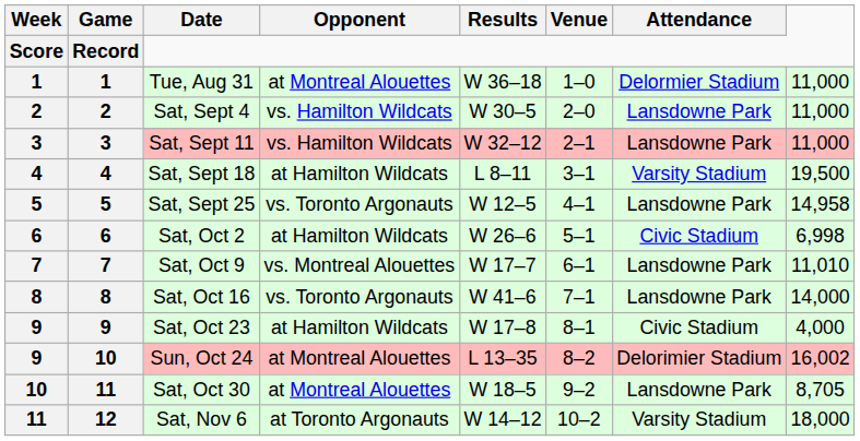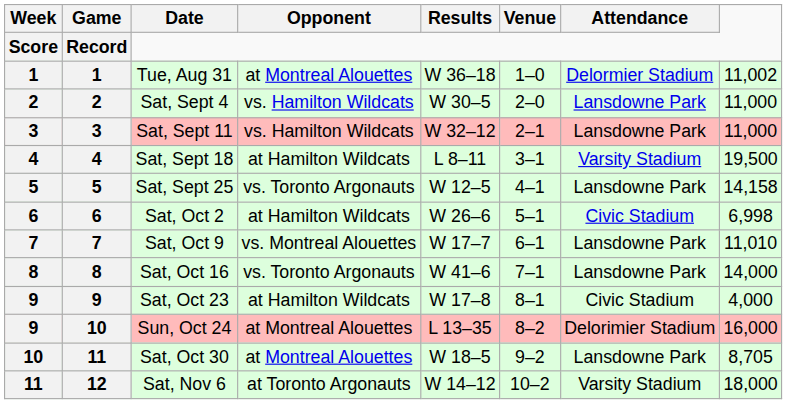 <table class="wikitable" style="text-align:center">
 <tr>
 <th>Week</th>
 <th>Game</th>
 <th>Date</th>
 <th>Opponent</th>
 <th>Results</th>
 <th>Venue</th>
 <th>Attendance</th>
 </tr>
 <tr>
 <th>Score</th>
 <th>Record</th>
 </tr>
 <tr style="background:#ddffdd">
 <th>1</th>
 <th>1</th>
 <td>Tue, Aug 31</td>
 <td>at <a href='#'>Montreal Alouettes</a></td>
 <td>W 36–18</td>
 <td>1–0</td>
 <td><a href='#'>Delormier Stadium</a></td>
-<td>11,000</td>
+<td>11,002</td>
 </tr>
 <tr style="background:#ddffdd">
 <th>2</th>
 <th>2</th>
 <td>Sat, Sept 4</td>
 <td>vs. <a href='#'>Hamilton Wildcats</a></td>
 <td>W 30–5</td>
 <td>2–0</td>
 <td><a href='#'>Lansdowne Park</a></td>
 <td>11,000</td>
 </tr>
 <tr style="background:#ffbbbb">
 <th>3</th>
 <th>3</th>
 <td>Sat, Sept 11</td>
 <td>vs. Hamilton Wildcats</td>
 <td>W 32–12</td>
 <td>2–1</td>
 <td>Lansdowne Park</td>
 <td>11,000</td>
 </tr>
 <tr style="background:#ddffdd">
 <th>4</th>
 <th>4</th>
 <td>Sat, Sept 18</td>
 <td>at Hamilton Wildcats</td>
 <td>L 8–11</td>
 <td>3–1</td>
 <td><a href='#'>Varsity Stadium</a></td>
 <td>19,500</td>
 </tr>
 <tr style="background:#ddffdd">
 <th>5</th>
 <th>5</th>
 <td>Sat, Sept 25</td>
 <td>vs. Toronto Argonauts</td>
 <td>W 12–5</td>
 <td>4–1</td>
 <td>Lansdowne Park</td>
-<td>14,958</td>
+<td>14,158</td>
 </tr>
 <tr style="background:#ddffdd">
 <th>6</th>
 <th>6</th>
 <td>Sat, Oct 2</td>
 <td>at Hamilton Wildcats</td>
 <td>W 26–6</td>
 <td>5–1</td>
 <td><a href='#'>Civic Stadium</a></td>
 <td>6,998</td>
 </tr>
 <tr style="background:#ddffdd">
 <th>7</th>
 <th>7</th>
 <td>Sat, Oct 9</td>
 <td>vs. Montreal Alouettes</td>
 <td>W 17–7</td>
 <td>6–1</td>
 <td>Lansdowne Park</td>
 <td>11,010</td>
 </tr>
 <tr style="background:#ddffdd">
 <th>8</th>
 <th>8</th>
 <td>Sat, Oct 16</td>
 <td>vs. Toronto Argonauts</td>
 <td>W 41–6</td>
 <td>7–1</td>
 <td>Lansdowne Park</td>
 <td>14,000</td>
 </tr>
 <tr style="background:#ddffdd">
 <th>9</th>
 <th>9</th>
 <td>Sat, Oct 23</td>
 <td>at Hamilton Wildcats</td>
 <td>W 17–8</td>
 <td>8–1</td>
 <td>Civic Stadium</td>
 <td>4,000</td>
 </tr>
 <tr style="background:#ffbbbb">
 <th>9</th>
 <th>10</th>
 <td>Sun, Oct 24</td>
 <td>at Montreal Alouettes</td>
 <td>L 13–35</td>
 <td>8–2</td>
 <td>Delorimier Stadium</td>
-<td>16,002</td>
+<td>16,000</td>
 </tr>
 <tr style="background:#ddffdd">
 <th>10</th>
 <th>11</th>
 <td>Sat, Oct 30</td>
 <td>at <a href='#'>Montreal Alouettes</a></td>
 <td>W 18–5</td>
 <td>9–2</td>
 <td>Lansdowne Park</td>
 <td>8,705</td>
 </tr>
 <tr style="background:#ddffdd">
 <th>11</th>
 <th>12</th>
 <td>Sat, Nov 6</td>
 <td>at Toronto Argonauts</td>
 <td>W 14–12</td>
 <td>10–2</td>
 <td>Varsity Stadium</td>
 <td>18,000</td>
 </tr>
 </table>
